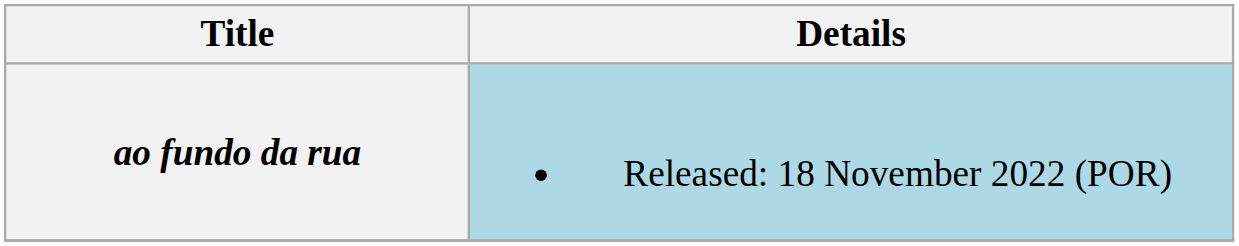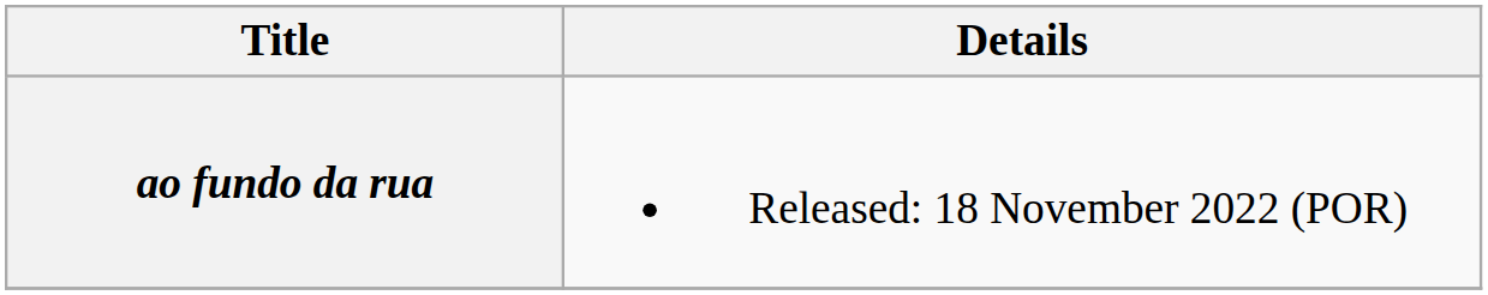 <table class="wikitable plainrowheaders" style="text-align:center;" border="1">
 <tr>
 <th scope="col" style="width:12em;">Title</th>
 <th scope="col" style="width:20em;">Details</th>
 </tr>
 <tr>
 <th scope="row"><em>ao fundo da rua</em></th>
-<td style="background: lightblue;"><br><ul><li>Released: 18 November 2022 <span>(POR)</span></li></ul></td>
+<td><br><ul><li>Released: 18 November 2022 <span>(POR)</span></li></ul></td>
 </tr>
 <tr>
 </tr>
 </table>
